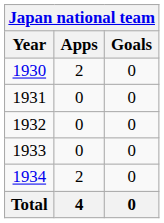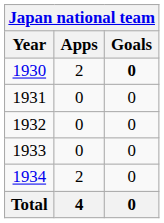 <table class="wikitable" style="text-align:center">
 <tr>
 <th colspan=3><a href='#'>Japan national team</a></th>
 </tr>
 <tr>
 <th>Year</th>
 <th>Apps</th>
 <th>Goals</th>
 </tr>
 <tr>
 <td><a href='#'>1930</a></td>
 <td>2</td>
-<td>0</td>
+<td><strong>0</strong></td>
 </tr>
 <tr>
 <td>1931</td>
 <td>0</td>
 <td>0</td>
 </tr>
 <tr>
 <td>1932</td>
 <td>0</td>
 <td>0</td>
 </tr>
 <tr>
 <td>1933</td>
 <td>0</td>
 <td>0</td>
 </tr>
 <tr>
 <td><a href='#'>1934</a></td>
 <td>2</td>
 <td>0</td>
 </tr>
 <tr>
 <th>Total</th>
 <th>4</th>
 <th>0</th>
 </tr>
 </table>
